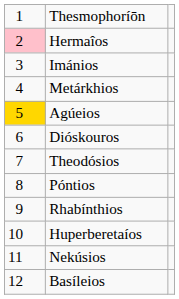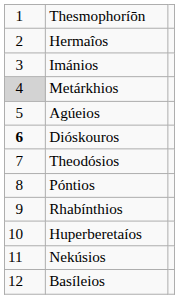 <table class="wikitable">
 <tr>
 <td>  1  </td>
 <td>Thesmophoríōn  </td>
 <td></td>
 </tr>
 <tr>
-<td style="background: pink;">  2</td>
+<td>  2</td>
 <td>Hermaîos</td>
 <td></td>
 </tr>
 <tr>
 <td>  3</td>
 <td>Imánios</td>
 <td></td>
 </tr>
 <tr>
-<td>  4</td>
+<td style="background: lightgrey;">  4</td>
 <td>Metárkhios</td>
 <td></td>
 </tr>
 <tr>
-<td style="background: gold;">  5</td>
+<td>  5</td>
 <td>Agúeios</td>
 <td></td>
 </tr>
 <tr>
-<td>  6</td>
+<td><strong>  6</strong></td>
 <td>Dióskouros</td>
 <td></td>
 </tr>
 <tr>
 <td>  7</td>
 <td>Theodósios</td>
 <td></td>
 </tr>
 <tr>
 <td>  8</td>
 <td>Póntios</td>
 <td></td>
 </tr>
 <tr>
 <td>  9</td>
 <td>Rhabínthios</td>
 <td></td>
 </tr>
 <tr>
 <td>10  </td>
 <td>Huperberetaíos  </td>
 <td></td>
 </tr>
 <tr>
 <td>11</td>
 <td>Nekúsios</td>
 <td></td>
 </tr>
 <tr>
 <td>12</td>
 <td>Basíleios</td>
 <td></td>
 </tr>
 </table>
